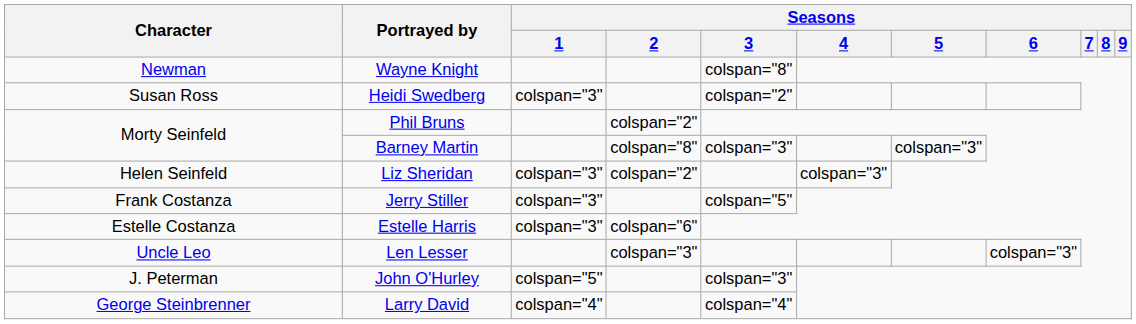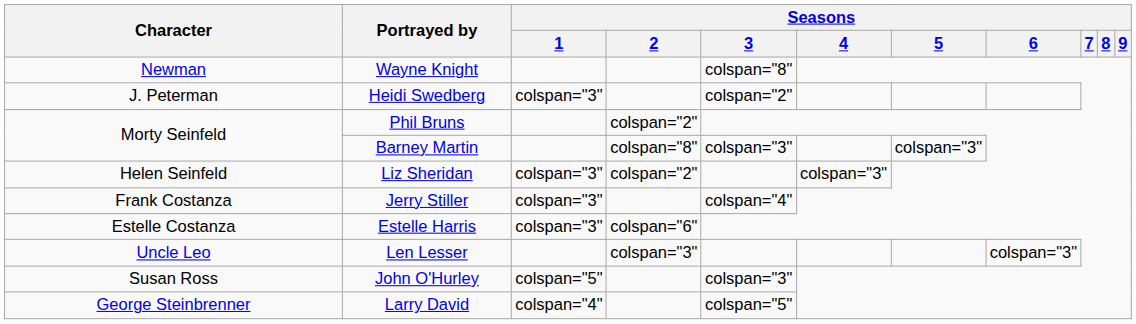 <table class="wikitable plainrowheaders" style="text-align:center;">
 <tr>
 <th scope="col" rowspan="2" style="width:30%;">Character</th>
 <th scope="col" rowspan="2" style="width:15%;">Portrayed by</th>
 <th scope="col" colspan="9"><a href='#'>Seasons</a></th>
 </tr>
 <tr>
 <th scope="col" style="width:2;"><a href='#'>1</a></th>
 <th scope="col" style="width:2;"><a href='#'>2</a></th>
 <th scope="col" style="width:2;"><a href='#'>3</a></th>
 <th scope="col" style="width:2;"><a href='#'>4</a></th>
 <th scope="col" style="width:2;"><a href='#'>5</a></th>
 <th scope="col" style="width:2;"><a href='#'>6</a></th>
 <th scope="col" style="width:2;"><a href='#'>7</a></th>
 <th scope="col" style="width:2;"><a href='#'>8</a></th>
 <th scope="col" style="width:2;"><a href='#'>9</a></th>
 </tr>
 <tr>
 <td scope="row"><a href='#'>Newman</a></td>
 <td><a href='#'>Wayne Knight</a></td>
 <td></td>
 <td></td>
 <td>colspan="8" </td>
 </tr>
 <tr>
-<td scope="row">Susan Ross</td>
+<td scope="row">J. Peterman</td>
 <td><a href='#'>Heidi Swedberg</a></td>
 <td>colspan="3" </td>
 <td></td>
 <td>colspan="2" </td>
 <td></td>
 <td></td>
 <td></td>
 </tr>
 <tr>
 <td scope="row" rowspan="2">Morty Seinfeld</td>
 <td><a href='#'>Phil Bruns</a></td>
 <td></td>
 <td>colspan="2" </td>
 </tr>
 <tr>
 <td><a href='#'>Barney Martin</a></td>
 <td></td>
 <td>colspan="8" </td>
 <td>colspan="3" </td>
 <td></td>
 <td>colspan="3" </td>
 </tr>
 <tr>
 <td scope="row">Helen Seinfeld</td>
 <td><a href='#'>Liz Sheridan</a></td>
 <td>colspan="3" </td>
 <td>colspan="2" </td>
 <td></td>
 <td>colspan="3" </td>
 </tr>
 <tr>
 <td scope="row">Frank Costanza</td>
 <td><a href='#'>Jerry Stiller</a></td>
 <td>colspan="3" </td>
 <td></td>
-<td>colspan="5" </td>
+<td>colspan="4" </td>
 </tr>
 <tr>
 <td scope="row">Estelle Costanza</td>
 <td><a href='#'>Estelle Harris</a></td>
 <td>colspan="3" </td>
 <td>colspan="6" </td>
 </tr>
 <tr>
 <td scope="row"><a href='#'>Uncle Leo</a></td>
 <td><a href='#'>Len Lesser</a></td>
 <td></td>
 <td>colspan="3" </td>
 <td></td>
 <td></td>
 <td></td>
 <td>colspan="3" </td>
 </tr>
 <tr>
-<td scope="row">J. Peterman</td>
+<td scope="row">Susan Ross</td>
 <td><a href='#'>John O'Hurley</a></td>
 <td>colspan="5" </td>
 <td></td>
 <td>colspan="3" </td>
 </tr>
 <tr>
 <td scope="row"><a href='#'>George Steinbrenner</a></td>
 <td><a href='#'>Larry David</a></td>
 <td>colspan="4" </td>
 <td></td>
-<td>colspan="4" </td>
+<td>colspan="5" </td>
 </tr>
 </table>
